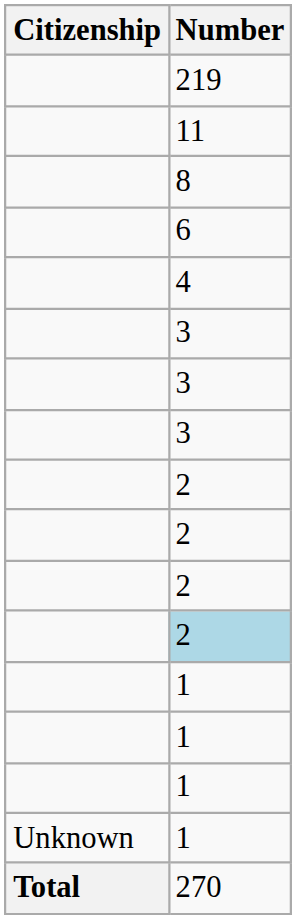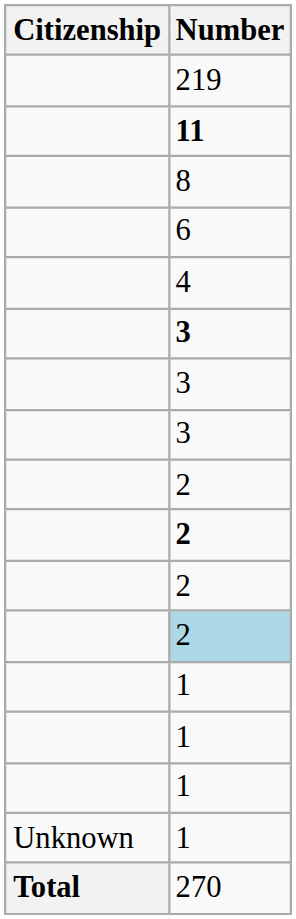 <table class="wikitable sortable floatright" style="font-size:85%; text-align:left; margin:0 0 1.5em 1.5em;">
 <tr>
 <th style="text-align:left;">Citizenship</th>
 <th style="text-align:left;">Number</th>
 </tr>
 <tr>
 <td style="text-align:left;"></td>
 <td>219</td>
 </tr>
 <tr>
 <td style="text-align:left;"></td>
-<td>11</td>
+<td><strong>11</strong></td>
 </tr>
 <tr>
 <td style="text-align:left;"></td>
 <td>8</td>
 </tr>
 <tr>
 <td style="text-align:left;"></td>
 <td>6</td>
 </tr>
 <tr>
 <td style="text-align:left;"></td>
 <td>4</td>
 </tr>
 <tr>
 <td style="text-align:left;"></td>
-<td>3</td>
+<td><strong>3</strong></td>
 </tr>
 <tr>
 <td></td>
 <td>3</td>
 </tr>
 <tr>
 <td style="text-align:left;"></td>
 <td>3</td>
 </tr>
 <tr>
 <td></td>
 <td>2</td>
 </tr>
 <tr>
 <td style="text-align:left;"></td>
-<td>2</td>
+<td><strong>2</strong></td>
 </tr>
 <tr>
 <td style="text-align:left;"></td>
 <td>2</td>
 </tr>
 <tr>
 <td style="text-align:left;"></td>
 <td style="background: lightblue;">2</td>
 </tr>
 <tr>
 <td></td>
 <td>1</td>
 </tr>
 <tr>
 <td></td>
 <td>1</td>
 </tr>
 <tr>
 <td style="text-align:left;"></td>
 <td>1</td>
 </tr>
 <tr>
 <td style="text-align:left;">Unknown</td>
 <td>1</td>
 </tr>
 <tr class="sortbottom">
 <th style="text-align:left;">Total</th>
 <td>270</td>
 </tr>
 </table>
